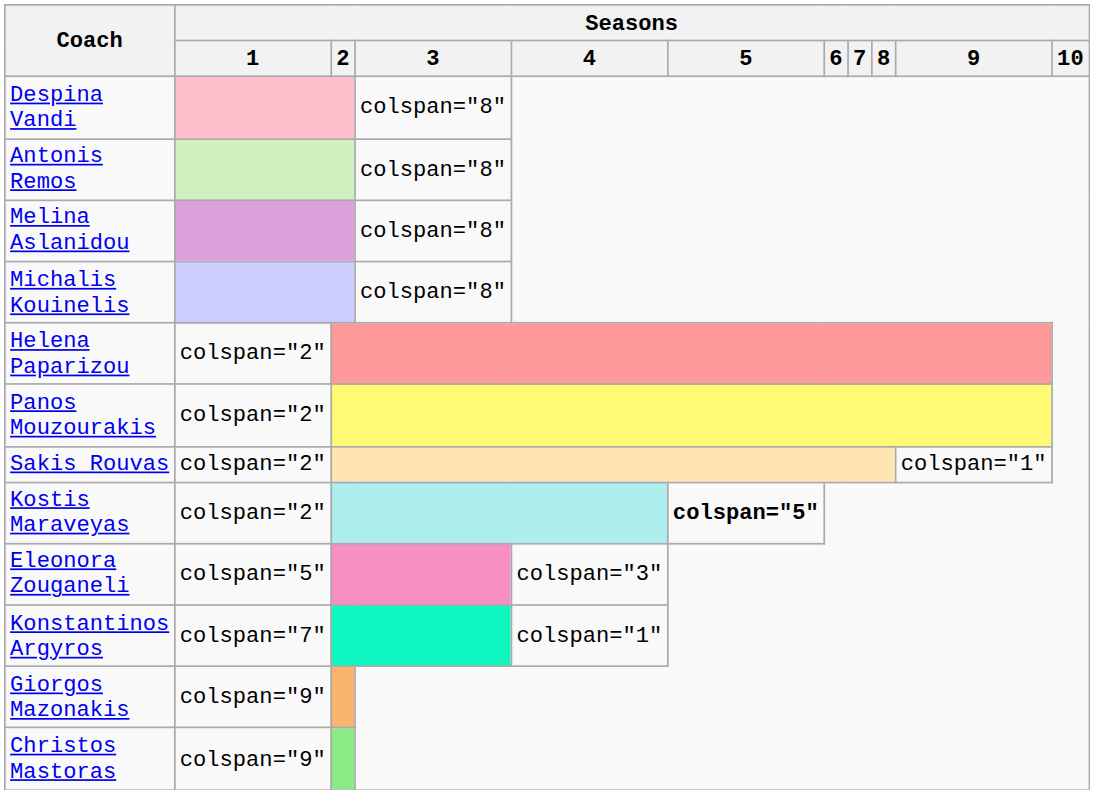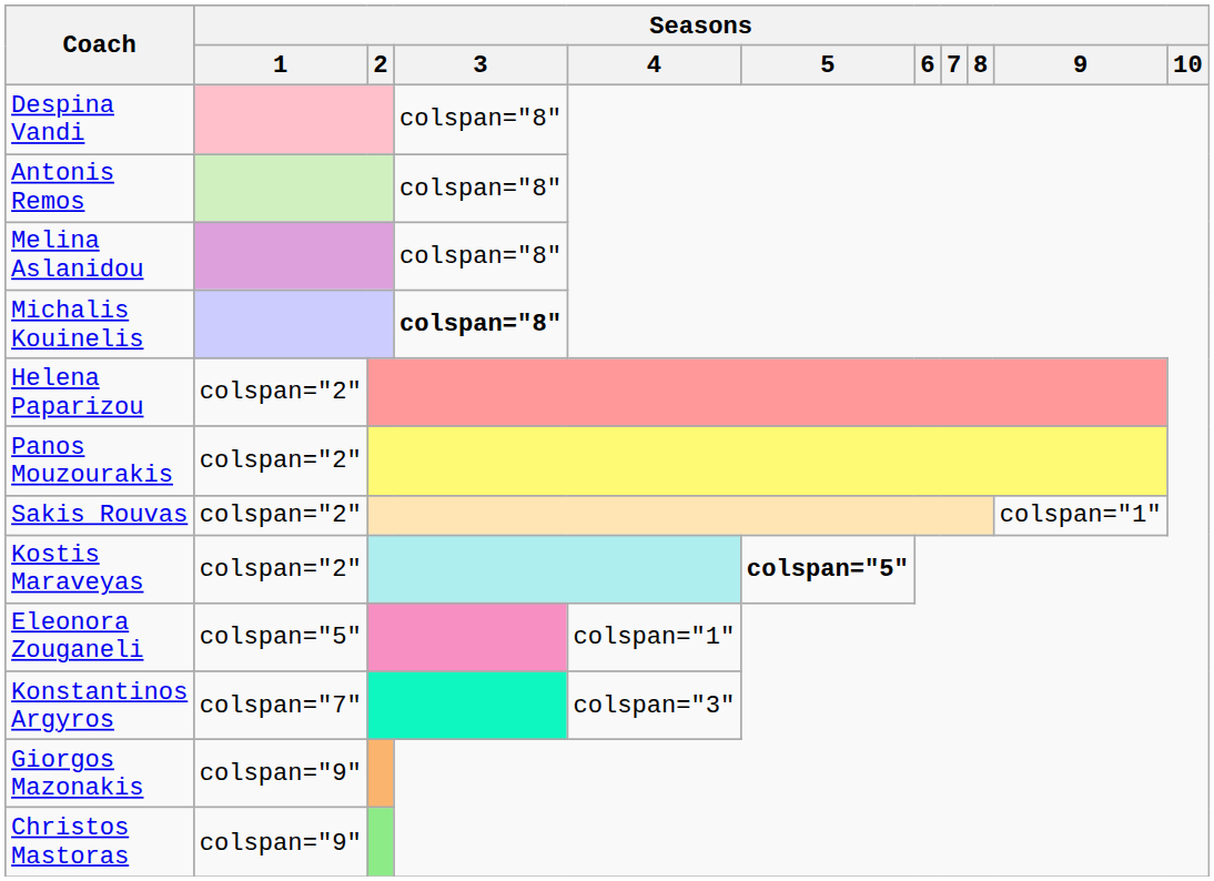 <table class="wikitable nowrap" style="width:80%">
 <tr>
 <th rowspan="2" style="width:135px">Coach</th>
 <th colspan="10">Seasons</th>
 </tr>
 <tr>
 <th style="width:40px">1</th>
 <th style="width:40px">2</th>
 <th style="width:40px">3</th>
 <th style="width:40px">4</th>
 <th style="width:40px">5</th>
 <th style="width:40px">6</th>
 <th style="width:40px">7</th>
 <th style="width:40px">8</th>
 <th style="width:40px">9</th>
 <th style="width:40px">10</th>
 </tr>
 <tr>
 <td><a href='#'>Despina Vandi</a></td>
 <td colspan="2" bgcolor="pink"></td>
 <td>colspan="8" </td>
 </tr>
 <tr>
 <td><a href='#'>Antonis Remos</a></td>
 <td colspan="2" bgcolor="#d0f0c0"></td>
 <td>colspan="8" </td>
 </tr>
 <tr>
 <td><a href='#'>Melina Aslanidou</a></td>
 <td colspan="2" bgcolor="#dda0dd"></td>
 <td>colspan="8" </td>
 </tr>
 <tr>
 <td><a href='#'>Michalis Kouinelis</a></td>
 <td colspan="2" bgcolor="#ccf"></td>
-<td>colspan="8" </td>
+<td><strong>colspan="8" </strong></td>
 </tr>
 <tr>
 <td><a href='#'>Helena Paparizou</a></td>
 <td>colspan="2" </td>
 <td colspan="8" bgcolor="#ff9999"></td>
 </tr>
 <tr>
 <td><a href='#'>Panos Mouzourakis</a></td>
 <td>colspan="2" </td>
 <td colspan="8" bgcolor="#fffa73"></td>
 </tr>
 <tr>
 <td><a href='#'>Sakis Rouvas</a></td>
 <td>colspan="2" </td>
 <td colspan="7" bgcolor="#ffe5b4"></td>
 <td>colspan="1" </td>
 </tr>
 <tr>
 <td><a href='#'>Kostis Maraveyas</a></td>
 <td>colspan="2" </td>
 <td colspan="3" bgcolor="#afeeee"></td>
 <td><strong>colspan="5" </strong></td>
 </tr>
 <tr>
 <td><a href='#'>Eleonora Zouganeli</a></td>
 <td>colspan="5" </td>
 <td colspan="2" bgcolor="#f78fc2"></td>
-<td>colspan="3" </td>
+<td>colspan="1" </td>
 </tr>
 <tr>
 <td><a href='#'>Konstantinos Argyros</a></td>
 <td>colspan="7" </td>
 <td colspan="2" bgcolor="#0ff7c0"></td>
-<td>colspan="1" </td>
+<td>colspan="3" </td>
 </tr>
 <tr>
 <td><a href='#'>Giorgos Mazonakis</a></td>
 <td>colspan="9" </td>
 <td colspan="1" bgcolor="#fbb46e"></td>
 </tr>
 <tr>
 <td><a href='#'>Christos Mastoras</a></td>
 <td>colspan="9" </td>
 <td colspan="1" bgcolor="#8deb87"></td>
 </tr>
 </table>
